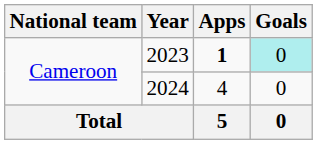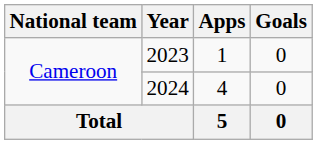 <table class="wikitable" style="text-align:center">
 <tr>
 <th>National team</th>
 <th>Year</th>
 <th>Apps</th>
 <th>Goals</th>
 </tr>
 <tr>
 <td rowspan="2"><a href='#'>Cameroon</a></td>
 <td>2023</td>
-<td><strong>1</strong></td>
-<td style="background: paleturquoise;">0</td>
+<td>1</td>
+<td>0</td>
 </tr>
 <tr>
 <td>2024</td>
 <td>4</td>
 <td>0</td>
 </tr>
 <tr>
 <th colspan="2">Total</th>
 <th>5</th>
 <th>0</th>
 </tr>
 </table>
